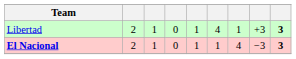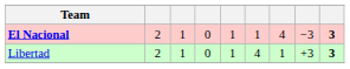 <table class="wikitable" style="text-align:center;">
 <tr>
 </tr>
 <tr>
 <th width="175">Team</th>
 <th width="25"></th>
 <th width="25"></th>
 <th width="25"></th>
 <th width="25"></th>
 <th width="25"></th>
 <th width="25"></th>
 <th width="25"></th>
 <th width="25"></th>
 </tr>
+<tr bgcolor=FFCCCC>
+<td align=left> <strong><a href='#'>El Nacional</a></strong></td>
+<td>2</td>
+<td>1</td>
+<td>0</td>
+<td>1</td>
+<td>1</td>
+<td>4</td>
+<td>−3</td>
+<td><strong>3</strong></td>
+</tr>
 <tr bgcolor=CCFFCC>
 <td align=left> <a href='#'>Libertad</a></td>
 <td>2</td>
 <td>1</td>
 <td>0</td>
 <td>1</td>
 <td>4</td>
 <td>1</td>
 <td>+3</td>
 <td><strong>3</strong></td>
 </tr>
-<tr bgcolor=FFCCCC>
-<td align=left> <strong><a href='#'>El Nacional</a></strong></td>
-<td>2</td>
-<td>1</td>
-<td>0</td>
-<td>1</td>
-<td>1</td>
-<td>4</td>
-<td>−3</td>
-<td><strong>3</strong></td>
-</tr>
 <tr>
 </tr>
 </table>
